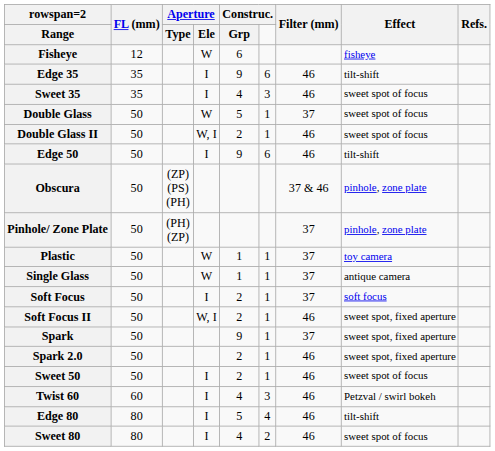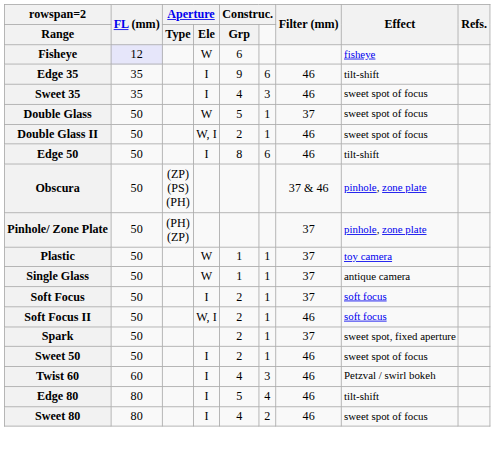 <table class="wikitable" style="font-size:90%;text-align:center;">
 <tr>
 <th>rowspan=2 </th>
 <th rowspan=2><a href='#'>FL</a> (mm)</th>
 <th colspan=2><a href='#'>Aperture</a></th>
 <th colspan=2>Construc.</th>
 <th rowspan=2>Filter (mm)</th>
 <th rowspan=2>Effect</th>
 <th rowspan=2>Refs.</th>
 </tr>
 <tr>
 <th>Range</th>
 <th>Type</th>
 <th>Ele</th>
 <th>Grp<br></th>
 </tr>
 <tr>
 <th>Fisheye</th>
-<td>12</td>
+<td style="background: lavender;">12</td>
 <td></td>
 <td>W</td>
 <td>6</td>
 <td></td>
 <td></td>
 <td style="font-size:90%;text-align:left;"><a href='#'>fisheye</a></td>
 <td></td>
 </tr>
 <tr>
 <th>Edge 35</th>
 <td>35</td>
 <td></td>
 <td>I</td>
 <td>9</td>
 <td>6</td>
 <td>46</td>
 <td style="font-size:90%;text-align:left;">tilt-shift</td>
 <td></td>
 </tr>
 <tr>
 <th>Sweet 35</th>
 <td>35</td>
 <td></td>
 <td>I</td>
 <td>4</td>
 <td>3</td>
 <td>46</td>
 <td style="font-size:90%;text-align:left;">sweet spot of focus</td>
 <td></td>
 </tr>
 <tr>
 <th>Double Glass</th>
 <td>50</td>
 <td></td>
 <td>W</td>
 <td>5</td>
 <td>1</td>
 <td>37</td>
 <td style="font-size:90%;text-align:left;">sweet spot of focus</td>
 <td></td>
 </tr>
 <tr>
 <th>Double Glass II</th>
 <td>50</td>
 <td></td>
 <td>W, I</td>
 <td>2</td>
 <td>1</td>
 <td>46</td>
 <td style="font-size:90%;text-align:left;">sweet spot of focus</td>
 <td></td>
 </tr>
 <tr>
 <th>Edge 50</th>
 <td>50</td>
 <td></td>
 <td>I</td>
-<td>9</td>
+<td>8</td>
 <td>6</td>
 <td>46</td>
 <td style="font-size:90%;text-align:left;">tilt-shift</td>
 <td></td>
 </tr>
 <tr>
 <th>Obscura</th>
 <td>50</td>
 <td> (ZP)<br> (PS)<br> (PH)</td>
 <td></td>
 <td></td>
 <td></td>
 <td>37 & 46</td>
 <td style="font-size:90%;text-align:left;"><a href='#'>pinhole</a>, <a href='#'>zone plate</a></td>
 <td></td>
 </tr>
 <tr>
 <th>Pinhole/ Zone Plate</th>
 <td>50</td>
 <td> (PH)<br> (ZP)</td>
 <td></td>
 <td></td>
 <td></td>
 <td>37</td>
 <td style="font-size:90%;text-align:left;"><a href='#'>pinhole</a>, <a href='#'>zone plate</a></td>
 <td></td>
 </tr>
 <tr>
 <th>Plastic</th>
 <td>50</td>
 <td></td>
 <td>W</td>
 <td>1</td>
 <td>1</td>
 <td>37</td>
 <td style="font-size:90%;text-align:left;"><a href='#'>toy camera</a></td>
 <td></td>
 </tr>
 <tr>
 <th>Single Glass</th>
 <td>50</td>
 <td></td>
 <td>W</td>
 <td>1</td>
 <td>1</td>
 <td>37</td>
 <td style="font-size:90%;text-align:left;">antique camera</td>
 <td></td>
 </tr>
 <tr>
 <th>Soft Focus</th>
 <td>50</td>
 <td></td>
 <td>I</td>
 <td>2</td>
 <td>1</td>
 <td>37</td>
 <td style="font-size:90%;text-align:left;"><a href='#'>soft focus</a></td>
 <td></td>
 </tr>
 <tr>
 <th>Soft Focus II</th>
 <td>50</td>
 <td></td>
 <td>W, I</td>
 <td>2</td>
 <td>1</td>
 <td>46</td>
-<td style="font-size:90%;text-align:left;">sweet spot, fixed aperture</td>
+<td style="font-size:90%;text-align:left;"><a href='#'>soft focus</a></td>
 <td></td>
 </tr>
 <tr>
 <th>Spark</th>
 <td>50</td>
 <td></td>
 <td></td>
-<td>9</td>
+<td>2</td>
 <td>1</td>
 <td>37</td>
-<td style="font-size:90%;text-align:left;">sweet spot, fixed aperture</td>
-<td></td>
-</tr>
-<tr>
-<th>Spark 2.0</th>
-<td>50</td>
-<td></td>
-<td></td>
-<td>2</td>
-<td>1</td>
-<td>46</td>
 <td style="font-size:90%;text-align:left;">sweet spot, fixed aperture</td>
 <td></td>
 </tr>
 <tr>
 <th>Sweet 50</th>
 <td>50</td>
 <td></td>
 <td>I</td>
 <td>2</td>
 <td>1</td>
 <td>46</td>
 <td style="font-size:90%;text-align:left;">sweet spot of focus</td>
 <td></td>
 </tr>
 <tr>
 <th>Twist 60</th>
 <td>60</td>
 <td></td>
 <td>I</td>
 <td>4</td>
 <td>3</td>
 <td>46</td>
 <td style="font-size:90%;text-align:left;">Petzval / swirl bokeh</td>
 <td></td>
 </tr>
 <tr>
 <th>Edge 80</th>
 <td>80</td>
 <td></td>
 <td>I</td>
 <td>5</td>
 <td>4</td>
 <td>46</td>
 <td style="font-size:90%;text-align:left;">tilt-shift</td>
 <td></td>
 </tr>
 <tr>
 <th>Sweet 80</th>
 <td>80</td>
 <td></td>
 <td>I</td>
 <td>4</td>
 <td>2</td>
 <td>46</td>
 <td style="font-size:90%;text-align:left;">sweet spot of focus</td>
 <td></td>
 </tr>
 </table>
